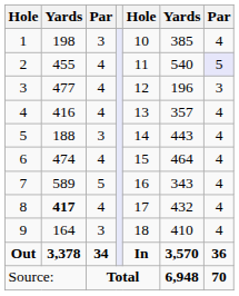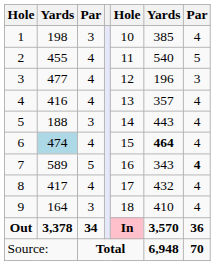 <table class="wikitable" style="text-align:center;">
 <tr>
 <th>Hole</th>
 <th>Yards</th>
 <th>Par</th>
 <th></th>
 <th>Hole</th>
 <th>Yards</th>
 <th>Par</th>
 </tr>
 <tr>
 <td>1</td>
 <td>198</td>
 <td>3</td>
 <td rowspan=10 style="background:#E6E8FA;"></td>
 <td>10</td>
 <td>385</td>
 <td>4</td>
 </tr>
 <tr>
 <td>2</td>
 <td>455</td>
 <td>4</td>
 <td>11</td>
 <td>540</td>
-<td style="background: lavender;">5</td>
+<td>5</td>
 </tr>
 <tr>
 <td>3</td>
 <td>477</td>
 <td>4</td>
 <td>12</td>
 <td>196</td>
 <td>3</td>
 </tr>
 <tr>
 <td>4</td>
 <td>416</td>
 <td>4</td>
 <td>13</td>
 <td>357</td>
 <td>4</td>
 </tr>
 <tr>
 <td>5</td>
 <td>188</td>
 <td>3</td>
 <td>14</td>
 <td>443</td>
 <td>4</td>
 </tr>
 <tr>
 <td>6</td>
-<td>474</td>
+<td style="background: lightblue;">474</td>
 <td>4</td>
 <td>15</td>
-<td>464</td>
+<td><strong>464</strong></td>
 <td>4</td>
 </tr>
 <tr>
 <td>7</td>
 <td>589</td>
 <td>5</td>
 <td>16</td>
 <td>343</td>
-<td>4</td>
+<td><strong>4</strong></td>
 </tr>
 <tr>
 <td>8</td>
-<td><strong>417</strong></td>
+<td>417</td>
 <td>4</td>
 <td>17</td>
 <td>432</td>
 <td>4</td>
 </tr>
 <tr>
 <td>9</td>
 <td>164</td>
 <td>3</td>
 <td>18</td>
 <td>410</td>
 <td>4</td>
 </tr>
 <tr>
 <td><strong>Out</strong></td>
 <td><strong>3,378</strong></td>
 <td><strong>34</strong></td>
-<td><strong>In</strong></td>
+<td style="background: pink;"><strong>In</strong></td>
 <td><strong>3,570</strong></td>
 <td><strong>36</strong></td>
 </tr>
 <tr>
 <td colspan="2" style="text-align:left;">Source:</td>
 <td colspan=3><strong>Total</strong></td>
 <td><strong>6,948</strong></td>
 <td><strong>70</strong></td>
 </tr>
 </table>
